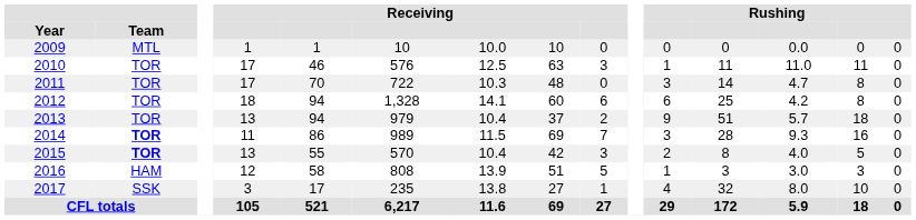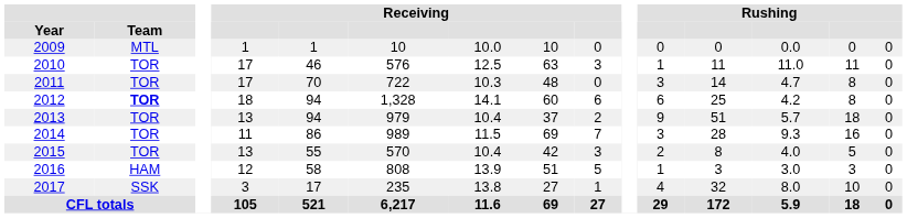 <table BORDER="0" CELLPADDING="1" CELLSPACING="0" width="65%" style="text-align:center">
 <tr bgcolor="#e0e0e0">
 <th colspan="2"></th>
 <th rowspan="100" bgcolor="#ffffff"> </th>
 <th colspan="6">Receiving</th>
 <th rowspan="100" bgcolor="#ffffff"> </th>
 <th colspan="5">Rushing</th>
 </tr>
 <tr bgcolor="#e0e0e0">
 <th>Year</th>
 <th>Team</th>
 <th></th>
 <th></th>
 <th></th>
 <th></th>
 <th></th>
 <th></th>
 <th></th>
 <th></th>
 <th></th>
 <th></th>
 <th></th>
 </tr>
 <tr ALIGN="center" bgcolor="#f0f0f0">
 <td><a href='#'>2009</a></td>
 <td><a href='#'>MTL</a></td>
 <td>1</td>
 <td>1</td>
 <td>10</td>
 <td>10.0</td>
 <td>10</td>
 <td>0</td>
 <td>0</td>
 <td>0</td>
 <td>0.0</td>
 <td>0</td>
 <td>0</td>
 </tr>
 <tr ALIGN= "center">
 <td><a href='#'>2010</a></td>
 <td><a href='#'>TOR</a></td>
 <td>17</td>
 <td>46</td>
 <td>576</td>
 <td>12.5</td>
 <td>63</td>
 <td>3</td>
 <td>1</td>
 <td>11</td>
 <td>11.0</td>
 <td>11</td>
 <td>0</td>
 </tr>
 <tr ALIGN= "center" bgcolor= "#f0f0f0">
 <td><a href='#'>2011</a></td>
 <td><a href='#'>TOR</a></td>
 <td>17</td>
 <td>70</td>
 <td>722</td>
 <td>10.3</td>
 <td>48</td>
 <td>0</td>
 <td>3</td>
 <td>14</td>
 <td>4.7</td>
 <td>8</td>
 <td>0</td>
 </tr>
 <tr ALIGN= "center">
 <td><a href='#'>2012</a></td>
-<td><a href='#'>TOR</a></td>
+<td><strong><a href='#'>TOR</a></strong></td>
 <td>18</td>
 <td>94</td>
 <td>1,328</td>
 <td>14.1</td>
 <td>60</td>
 <td>6</td>
 <td>6</td>
 <td>25</td>
 <td>4.2</td>
 <td>8</td>
 <td>0</td>
 </tr>
 <tr ALIGN= "center" bgcolor= "#f0f0f0">
 <td><a href='#'>2013</a></td>
 <td><a href='#'>TOR</a></td>
 <td>13</td>
 <td>94</td>
 <td>979</td>
 <td>10.4</td>
 <td>37</td>
 <td>2</td>
 <td>9</td>
 <td>51</td>
 <td>5.7</td>
 <td>18</td>
 <td>0</td>
 </tr>
 <tr ALIGN= "center">
 <td><a href='#'>2014</a></td>
-<td><strong><a href='#'>TOR</a></strong></td>
+<td><a href='#'>TOR</a></td>
 <td>11</td>
 <td>86</td>
 <td>989</td>
 <td>11.5</td>
 <td>69</td>
 <td>7</td>
 <td>3</td>
 <td>28</td>
 <td>9.3</td>
 <td>16</td>
 <td>0</td>
 </tr>
 <tr ALIGN= "center" bgcolor= "#f0f0f0">
 <td><a href='#'>2015</a></td>
-<td><strong><a href='#'>TOR</a></strong></td>
+<td><a href='#'>TOR</a></td>
 <td>13</td>
 <td>55</td>
 <td>570</td>
 <td>10.4</td>
 <td>42</td>
 <td>3</td>
 <td>2</td>
 <td>8</td>
 <td>4.0</td>
 <td>5</td>
 <td>0</td>
 </tr>
 <tr ALIGN= "center">
 <td><a href='#'>2016</a></td>
 <td><a href='#'>HAM</a></td>
 <td>12</td>
 <td>58</td>
 <td>808</td>
 <td>13.9</td>
 <td>51</td>
 <td>5</td>
 <td>1</td>
 <td>3</td>
 <td>3.0</td>
 <td>3</td>
 <td>0</td>
 </tr>
 <tr ALIGN= "center" bgcolor= "#f0f0f0">
 <td><a href='#'>2017</a></td>
 <td><a href='#'>SSK</a></td>
 <td>3</td>
 <td>17</td>
 <td>235</td>
 <td>13.8</td>
 <td>27</td>
 <td>1</td>
 <td>4</td>
 <td>32</td>
 <td>8.0</td>
 <td>10</td>
 <td>0</td>
 </tr>
 <tr bgcolor="#e0e0e0">
 <th colspan="2"><a href='#'>CFL totals</a></th>
 <th><strong>105</strong></th>
 <th><strong>521</strong></th>
 <th><strong>6,217</strong></th>
 <th><strong>11.6</strong></th>
 <th><strong>69</strong></th>
 <th><strong>27</strong></th>
 <th><strong>29</strong></th>
 <th><strong>172</strong></th>
 <th><strong>5.9</strong></th>
 <th><strong>18</strong></th>
 <th><strong>0</strong></th>
 </tr>
 </table>
